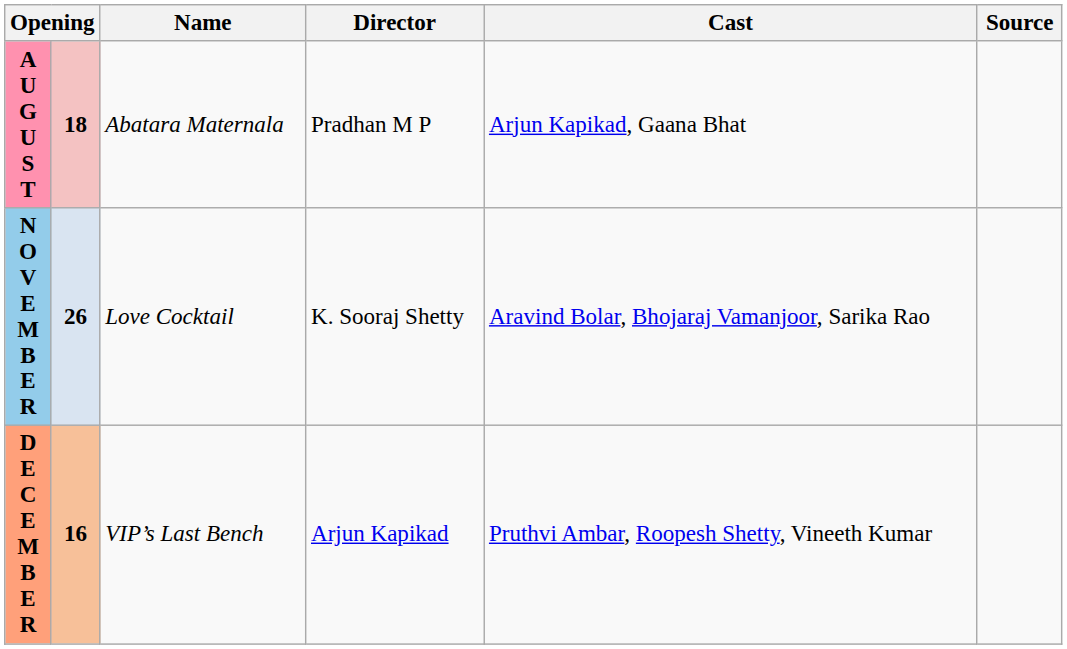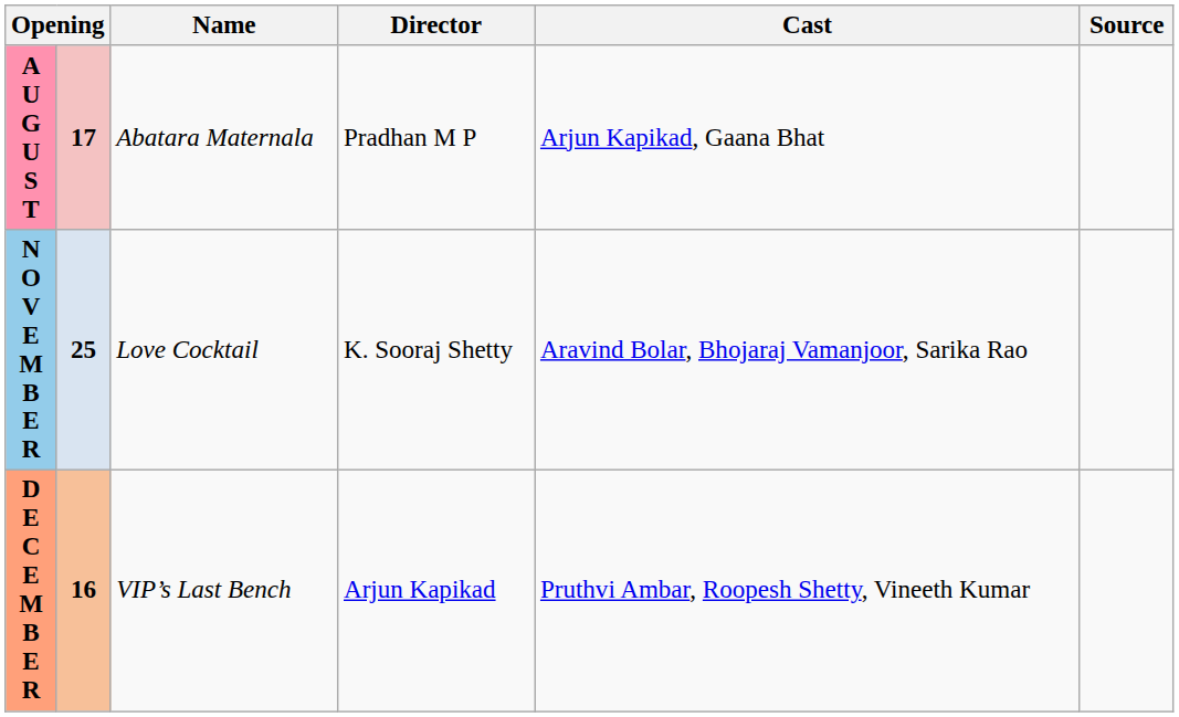 <table class="wikitable sortable">
 <tr>
 <th colspan="2" style="width:9%;">Opening</th>
 <th>Name</th>
 <th>Director</th>
 <th>Cast</th>
 <th>Source</th>
 </tr>
 <tr>
 <td rowspan="1" style="text-align:center; background:#ff91af; textcolor:#000;"><strong>A<br>U<br>G<br>U<br>S<br>T</strong></td>
-<td rowspan="1" style="text-align:center;background:#f4c2c2;"><strong>18</strong></td>
+<td rowspan="1" style="text-align:center;background:#f4c2c2;"><strong>17</strong></td>
 <td><em>Abatara Maternala</em></td>
 <td>Pradhan M P</td>
 <td><a href='#'>Arjun Kapikad</a>, Gaana Bhat</td>
 <td> </td>
 </tr>
 <tr>
 <td rowspan="1" style="text-align:center; background:#93CCEA; textcolor:#000;"><strong>N<br>O<br>V<br>E<br>M<br>B<br>E<br>R</strong></td>
-<td rowspan="1" style="text-align:center;background:#d9e4f1;"><strong>26</strong></td>
+<td rowspan="1" style="text-align:center;background:#d9e4f1;"><strong>25</strong></td>
 <td><em>Love Cocktail</em></td>
 <td>K. Sooraj Shetty</td>
 <td><a href='#'>Aravind Bolar</a>, <a href='#'>Bhojaraj Vamanjoor</a>, Sarika Rao</td>
 <td></td>
 </tr>
 <tr>
 <td rowspan="1" style="text-align:center; background:#ffa07a; textcolor:#000;"><strong>D<br>E<br>C<br>E<br>M<br>B<br>E<br>R</strong></td>
 <td rowspan="1" style="text-align:center; textcolor:#000;background:#F7C099;"><strong>16</strong></td>
 <td><em>VIP’s Last Bench</em></td>
 <td><a href='#'>Arjun Kapikad</a></td>
 <td><a href='#'>Pruthvi Ambar</a>, <a href='#'>Roopesh Shetty</a>, Vineeth Kumar</td>
 <td></td>
 </tr>
 </table>
